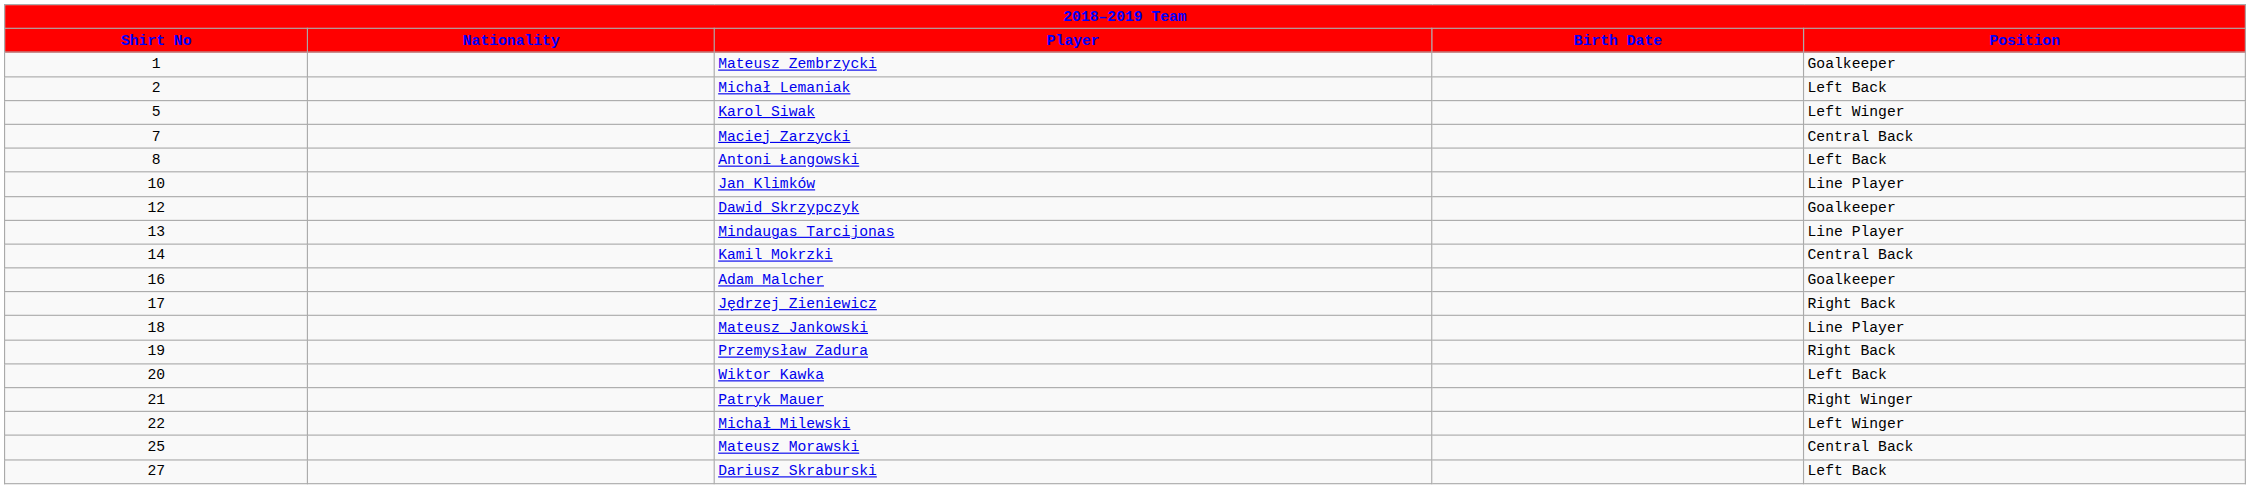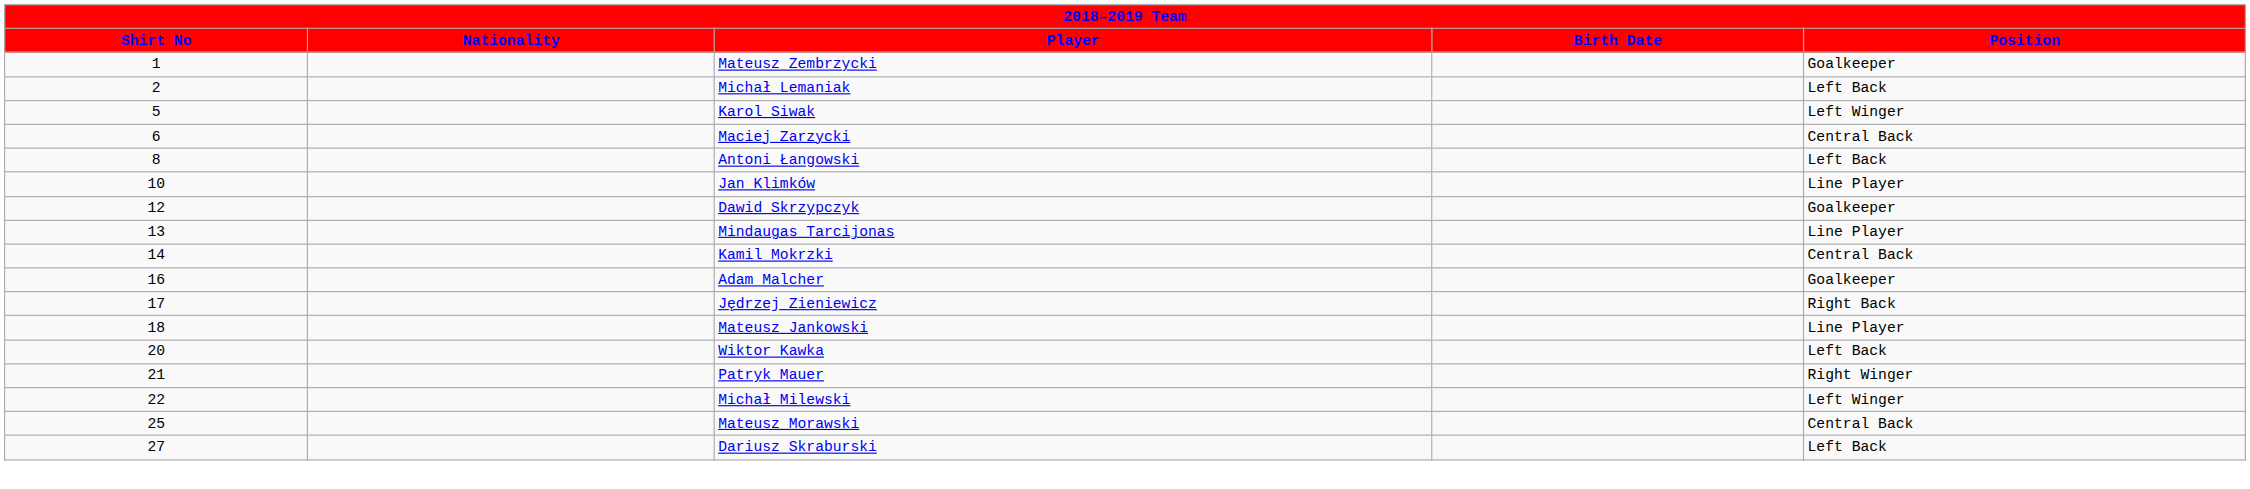 <table class="wikitable collapsible collapsed" style="width:100%">
 <tr>
 <th colspan=5 style="background-color:#FF0000;color:#0000FF;text-align:center;"> <strong>2018–2019 Team</strong></th>
 </tr>
 <tr>
 <th style="color:#0000FF; background:#FF0000">Shirt No</th>
 <th style="color:#0000FF; background:#FF0000">Nationality</th>
 <th style="color:#0000FF; background:#FF0000">Player</th>
 <th style="color:#0000FF; background:#FF0000">Birth Date</th>
 <th style="color:#0000FF; background:#FF0000">Position</th>
 </tr>
 <tr>
 <td align=center>1</td>
 <td></td>
 <td><a href='#'>Mateusz Zembrzycki</a></td>
 <td></td>
 <td>Goalkeeper</td>
 </tr>
 <tr>
 <td align=center>2</td>
 <td></td>
 <td><a href='#'>Michał Lemaniak</a></td>
 <td></td>
 <td>Left Back</td>
 </tr>
 <tr>
 <td align=center>5</td>
 <td></td>
 <td><a href='#'>Karol Siwak</a></td>
 <td></td>
 <td>Left Winger</td>
 </tr>
 <tr>
-<td align=center>7</td>
+<td align=center>6</td>
 <td></td>
 <td><a href='#'>Maciej Zarzycki</a></td>
 <td></td>
 <td>Central Back</td>
 </tr>
 <tr>
 <td align=center>8</td>
 <td></td>
 <td><a href='#'>Antoni Łangowski</a></td>
 <td></td>
 <td>Left Back</td>
 </tr>
 <tr>
 <td align=center>10</td>
 <td></td>
 <td><a href='#'>Jan Klimków</a></td>
 <td></td>
 <td>Line Player</td>
 </tr>
 <tr>
 <td align=center>12</td>
 <td></td>
 <td><a href='#'>Dawid Skrzypczyk</a></td>
 <td></td>
 <td>Goalkeeper</td>
 </tr>
 <tr>
 <td align=center>13</td>
 <td></td>
 <td><a href='#'>Mindaugas Tarcijonas</a></td>
 <td></td>
 <td>Line Player</td>
 </tr>
 <tr>
 <td align=center>14</td>
 <td></td>
 <td><a href='#'>Kamil Mokrzki</a></td>
 <td></td>
 <td>Central Back</td>
 </tr>
 <tr>
 <td align=center>16</td>
 <td></td>
 <td><a href='#'>Adam Malcher</a></td>
 <td></td>
 <td>Goalkeeper</td>
 </tr>
 <tr>
 <td align=center>17</td>
 <td></td>
 <td><a href='#'>Jędrzej Zieniewicz</a></td>
 <td></td>
 <td>Right Back</td>
 </tr>
 <tr>
 <td align=center>18</td>
 <td></td>
 <td><a href='#'>Mateusz Jankowski</a></td>
 <td></td>
 <td>Line Player</td>
 </tr>
 <tr>
-<td align=center>19</td>
-<td></td>
-<td><a href='#'>Przemysław Zadura</a></td>
-<td></td>
-<td>Right Back</td>
-</tr>
-<tr>
 <td align=center>20</td>
 <td></td>
 <td><a href='#'>Wiktor Kawka</a></td>
 <td></td>
 <td>Left Back</td>
 </tr>
 <tr>
 <td align=center>21</td>
 <td></td>
 <td><a href='#'>Patryk Mauer</a></td>
 <td></td>
 <td>Right Winger</td>
 </tr>
 <tr>
 <td align=center>22</td>
 <td></td>
 <td><a href='#'>Michał Milewski</a></td>
 <td></td>
 <td>Left Winger</td>
 </tr>
 <tr>
 <td align=center>25</td>
 <td></td>
 <td><a href='#'>Mateusz Morawski</a></td>
 <td></td>
 <td>Central Back</td>
 </tr>
 <tr>
 <td align=center>27</td>
 <td></td>
 <td><a href='#'>Dariusz Skraburski</a></td>
 <td></td>
 <td>Left Back</td>
 </tr>
 </table>
